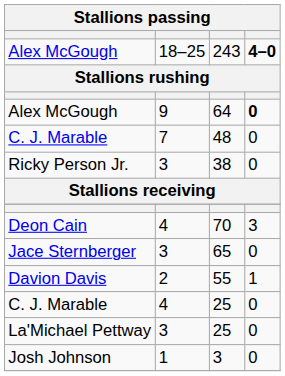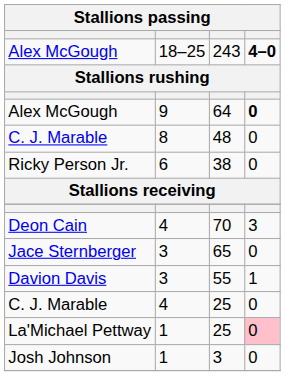 <table class="wikitable plainrowheaders">
 <tr>
 <th colspan="6">Stallions passing</th>
 </tr>
 <tr>
 <th scope="col"></th>
 <th scope="col"></th>
 <th scope="col"></th>
 <th scope="col"></th>
 </tr>
 <tr>
 <td><a href='#'>Alex McGough</a></td>
 <td>18–25</td>
 <td>243</td>
 <td><strong>4–0</strong></td>
 </tr>
 <tr>
 <th colspan="6">Stallions rushing</th>
 </tr>
 <tr>
 <th scope="col"></th>
 <th scope="col"></th>
 <th scope="col"></th>
 <th scope="col"></th>
 </tr>
 <tr>
 <td>Alex McGough</td>
 <td>9</td>
 <td>64</td>
 <td><strong>0</strong></td>
 </tr>
 <tr>
 <td><a href='#'>C. J. Marable</a></td>
-<td>7</td>
+<td>8</td>
 <td>48</td>
 <td>0</td>
 </tr>
 <tr>
 <td>Ricky Person Jr.</td>
-<td>3</td>
+<td>6</td>
 <td>38</td>
 <td>0</td>
 </tr>
 <tr>
 <th colspan="6">Stallions receiving</th>
 </tr>
 <tr>
 </tr>
 <tr>
 <th scope="col"></th>
 <th scope="col"></th>
 <th scope="col"></th>
 <th scope="col"></th>
 </tr>
 <tr>
 <td><a href='#'>Deon Cain</a></td>
 <td>4</td>
 <td>70</td>
 <td>3</td>
 </tr>
 <tr>
 <td><a href='#'>Jace Sternberger</a></td>
 <td>3</td>
 <td>65</td>
 <td>0</td>
 </tr>
 <tr>
 <td><a href='#'>Davion Davis</a></td>
-<td>2</td>
+<td>3</td>
 <td>55</td>
 <td>1</td>
 </tr>
 <tr>
 <td>C. J. Marable</td>
 <td>4</td>
 <td>25</td>
 <td>0</td>
 </tr>
 <tr>
 <td>La'Michael Pettway</td>
-<td>3</td>
+<td>1</td>
 <td>25</td>
-<td>0</td>
+<td style="background: pink;">0</td>
 </tr>
 <tr>
 <td>Josh Johnson</td>
 <td>1</td>
 <td>3</td>
 <td>0</td>
 </tr>
 <tr>
 </tr>
 </table>
